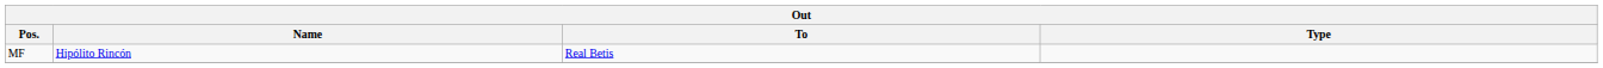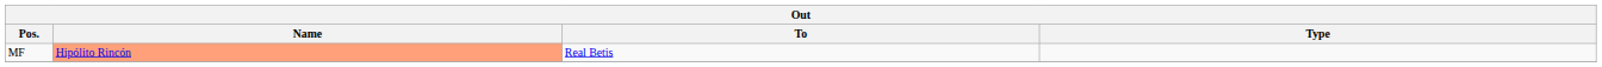 <table class="wikitable" style="font-size:90%;width:99%;">
 <tr>
 <th colspan="4">Out</th>
 </tr>
 <tr>
 <th width=3%>Pos.</th>
 <th width=32%>Name</th>
 <th width=30%>To</th>
 <th width=35%>Type</th>
 </tr>
 <tr>
 <td>MF</td>
-<td><a href='#'>Hipólito Rincón</a></td>
+<td style="background: lightsalmon;"><a href='#'>Hipólito Rincón</a></td>
 <td><a href='#'>Real Betis</a></td>
 <td></td>
 </tr>
 <tr>
 </tr>
 </table>
